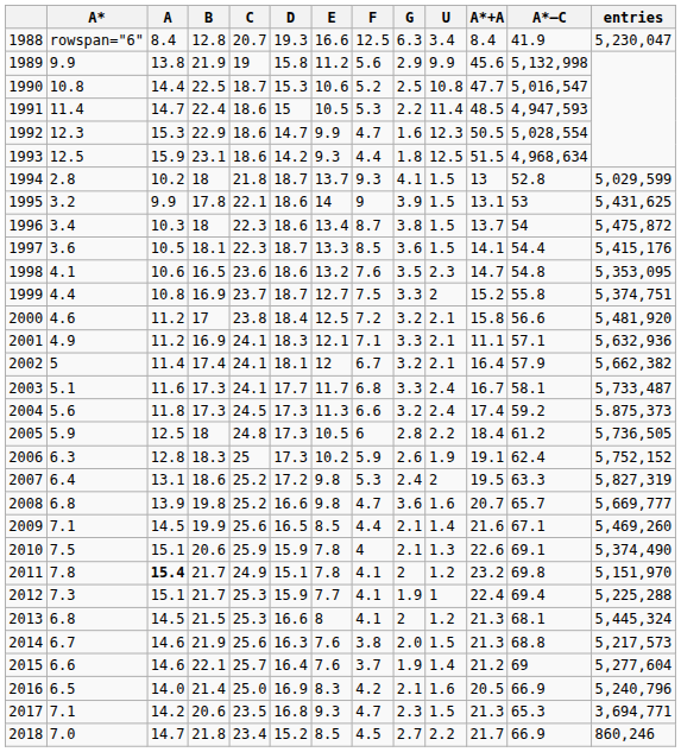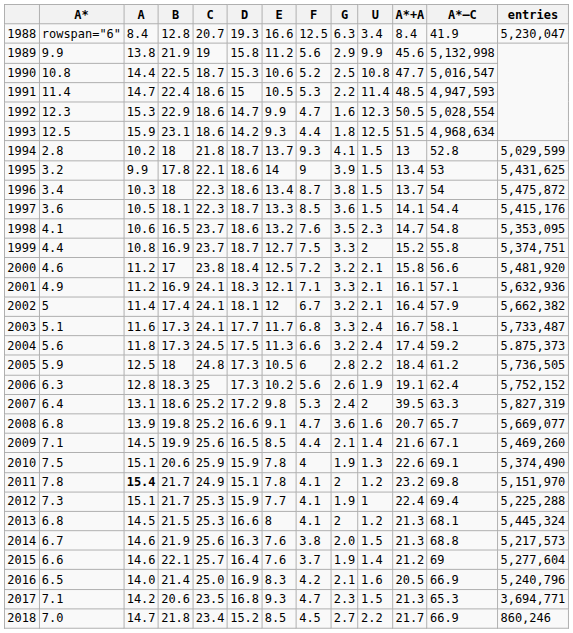 <table class="wikitable">
 <tr>
 <th></th>
 <th>A*</th>
 <th>A</th>
 <th>B</th>
 <th>C</th>
 <th>D</th>
 <th>E</th>
 <th>F</th>
 <th>G</th>
 <th>U</th>
 <th>A*+A</th>
 <th>A*–C</th>
 <th>entries</th>
 </tr>
 <tr>
 <td>1988</td>
 <td>rowspan="6" </td>
 <td>8.4</td>
 <td>12.8</td>
 <td>20.7</td>
 <td>19.3</td>
 <td>16.6</td>
 <td>12.5</td>
 <td>6.3</td>
 <td>3.4</td>
 <td>8.4</td>
 <td>41.9</td>
 <td>5,230,047</td>
 </tr>
 <tr>
 <td>1989</td>
 <td>9.9</td>
 <td>13.8</td>
 <td>21.9</td>
 <td>19</td>
 <td>15.8</td>
 <td>11.2</td>
 <td>5.6</td>
 <td>2.9</td>
 <td>9.9</td>
 <td>45.6</td>
 <td>5,132,998</td>
 </tr>
 <tr>
 <td>1990</td>
 <td>10.8</td>
 <td>14.4</td>
 <td>22.5</td>
 <td>18.7</td>
 <td>15.3</td>
 <td>10.6</td>
 <td>5.2</td>
 <td>2.5</td>
 <td>10.8</td>
 <td>47.7</td>
 <td>5,016,547</td>
 </tr>
 <tr>
 <td>1991</td>
 <td>11.4</td>
 <td>14.7</td>
 <td>22.4</td>
 <td>18.6</td>
 <td>15</td>
 <td>10.5</td>
 <td>5.3</td>
 <td>2.2</td>
 <td>11.4</td>
 <td>48.5</td>
 <td>4,947,593</td>
 </tr>
 <tr>
 <td>1992</td>
 <td>12.3</td>
 <td>15.3</td>
 <td>22.9</td>
 <td>18.6</td>
 <td>14.7</td>
 <td>9.9</td>
 <td>4.7</td>
 <td>1.6</td>
 <td>12.3</td>
 <td>50.5</td>
 <td>5,028,554</td>
 </tr>
 <tr>
 <td>1993</td>
 <td>12.5</td>
 <td>15.9</td>
 <td>23.1</td>
 <td>18.6</td>
 <td>14.2</td>
 <td>9.3</td>
 <td>4.4</td>
 <td>1.8</td>
 <td>12.5</td>
 <td>51.5</td>
 <td>4,968,634</td>
 </tr>
 <tr>
 <td>1994</td>
 <td>2.8</td>
 <td>10.2</td>
 <td>18</td>
 <td>21.8</td>
 <td>18.7</td>
 <td>13.7</td>
 <td>9.3</td>
 <td>4.1</td>
 <td>1.5</td>
 <td>13</td>
 <td>52.8</td>
 <td>5,029,599</td>
 </tr>
 <tr>
 <td>1995</td>
 <td>3.2</td>
 <td>9.9</td>
 <td>17.8</td>
 <td>22.1</td>
 <td>18.6</td>
 <td>14</td>
 <td>9</td>
 <td>3.9</td>
 <td>1.5</td>
-<td>13.1</td>
+<td>13.4</td>
 <td>53</td>
 <td>5,431,625</td>
 </tr>
 <tr>
 <td>1996</td>
 <td>3.4</td>
 <td>10.3</td>
 <td>18</td>
 <td>22.3</td>
 <td>18.6</td>
 <td>13.4</td>
 <td>8.7</td>
 <td>3.8</td>
 <td>1.5</td>
 <td>13.7</td>
 <td>54</td>
 <td>5,475,872</td>
 </tr>
 <tr>
 <td>1997</td>
 <td>3.6</td>
 <td>10.5</td>
 <td>18.1</td>
 <td>22.3</td>
 <td>18.7</td>
 <td>13.3</td>
 <td>8.5</td>
 <td>3.6</td>
 <td>1.5</td>
 <td>14.1</td>
 <td>54.4</td>
 <td>5,415,176</td>
 </tr>
 <tr>
 <td>1998</td>
 <td>4.1</td>
 <td>10.6</td>
 <td>16.5</td>
-<td>23.6</td>
+<td>23.7</td>
 <td>18.6</td>
 <td>13.2</td>
 <td>7.6</td>
 <td>3.5</td>
 <td>2.3</td>
 <td>14.7</td>
 <td>54.8</td>
 <td>5,353,095</td>
 </tr>
 <tr>
 <td>1999</td>
 <td>4.4</td>
 <td>10.8</td>
 <td>16.9</td>
 <td>23.7</td>
 <td>18.7</td>
 <td>12.7</td>
 <td>7.5</td>
 <td>3.3</td>
 <td>2</td>
 <td>15.2</td>
 <td>55.8</td>
 <td>5,374,751</td>
 </tr>
 <tr>
 <td>2000</td>
 <td>4.6</td>
 <td>11.2</td>
 <td>17</td>
 <td>23.8</td>
 <td>18.4</td>
 <td>12.5</td>
 <td>7.2</td>
 <td>3.2</td>
 <td>2.1</td>
 <td>15.8</td>
 <td>56.6</td>
 <td>5,481,920</td>
 </tr>
 <tr>
 <td>2001</td>
 <td>4.9</td>
 <td>11.2</td>
 <td>16.9</td>
 <td>24.1</td>
 <td>18.3</td>
 <td>12.1</td>
 <td>7.1</td>
 <td>3.3</td>
 <td>2.1</td>
-<td>11.1</td>
+<td>16.1</td>
 <td>57.1</td>
 <td>5,632,936</td>
 </tr>
 <tr>
 <td>2002</td>
 <td>5</td>
 <td>11.4</td>
 <td>17.4</td>
 <td>24.1</td>
 <td>18.1</td>
 <td>12</td>
 <td>6.7</td>
 <td>3.2</td>
 <td>2.1</td>
 <td>16.4</td>
 <td>57.9</td>
 <td>5,662,382</td>
 </tr>
 <tr>
 <td>2003</td>
 <td>5.1</td>
 <td>11.6</td>
 <td>17.3</td>
 <td>24.1</td>
 <td>17.7</td>
 <td>11.7</td>
 <td>6.8</td>
 <td>3.3</td>
 <td>2.4</td>
 <td>16.7</td>
 <td>58.1</td>
 <td>5,733,487</td>
 </tr>
 <tr>
 <td>2004</td>
 <td>5.6</td>
 <td>11.8</td>
 <td>17.3</td>
 <td>24.5</td>
-<td>17.3</td>
+<td>17.5</td>
 <td>11.3</td>
 <td>6.6</td>
 <td>3.2</td>
 <td>2.4</td>
 <td>17.4</td>
 <td>59.2</td>
 <td>5.875,373</td>
 </tr>
 <tr>
 <td>2005</td>
 <td>5.9</td>
 <td>12.5</td>
 <td>18</td>
 <td>24.8</td>
 <td>17.3</td>
 <td>10.5</td>
 <td>6</td>
 <td>2.8</td>
 <td>2.2</td>
 <td>18.4</td>
 <td>61.2</td>
 <td>5,736,505</td>
 </tr>
 <tr>
 <td>2006</td>
 <td>6.3</td>
 <td>12.8</td>
 <td>18.3</td>
 <td>25</td>
 <td>17.3</td>
 <td>10.2</td>
-<td>5.9</td>
+<td>5.6</td>
 <td>2.6</td>
 <td>1.9</td>
 <td>19.1</td>
 <td>62.4</td>
 <td>5,752,152</td>
 </tr>
 <tr>
 <td>2007</td>
 <td>6.4</td>
 <td>13.1</td>
 <td>18.6</td>
 <td>25.2</td>
 <td>17.2</td>
 <td>9.8</td>
 <td>5.3</td>
 <td>2.4</td>
 <td>2</td>
-<td>19.5</td>
+<td>39.5</td>
 <td>63.3</td>
 <td>5,827,319</td>
 </tr>
 <tr>
 <td>2008</td>
 <td>6.8</td>
 <td>13.9</td>
 <td>19.8</td>
 <td>25.2</td>
 <td>16.6</td>
-<td>9.8</td>
+<td>9.1</td>
 <td>4.7</td>
 <td>3.6</td>
 <td>1.6</td>
 <td>20.7</td>
 <td>65.7</td>
-<td>5,669,777</td>
+<td>5,669,077</td>
 </tr>
 <tr>
 <td>2009</td>
 <td>7.1</td>
 <td>14.5</td>
 <td>19.9</td>
 <td>25.6</td>
 <td>16.5</td>
 <td>8.5</td>
 <td>4.4</td>
 <td>2.1</td>
 <td>1.4</td>
 <td>21.6</td>
 <td>67.1</td>
 <td>5,469,260</td>
 </tr>
 <tr>
 <td>2010</td>
 <td>7.5</td>
 <td>15.1</td>
 <td>20.6</td>
 <td>25.9</td>
 <td>15.9</td>
 <td>7.8</td>
 <td>4</td>
-<td>2.1</td>
+<td>1.9</td>
 <td>1.3</td>
 <td>22.6</td>
 <td>69.1</td>
 <td>5,374,490</td>
 </tr>
 <tr>
 <td>2011</td>
 <td>7.8</td>
 <td><strong>15.4</strong></td>
 <td>21.7</td>
 <td>24.9</td>
 <td>15.1</td>
 <td>7.8</td>
 <td>4.1</td>
 <td>2</td>
 <td>1.2</td>
 <td>23.2</td>
 <td>69.8</td>
 <td>5,151,970</td>
 </tr>
 <tr>
 <td>2012</td>
 <td>7.3</td>
 <td>15.1</td>
 <td>21.7</td>
 <td>25.3</td>
 <td>15.9</td>
 <td>7.7</td>
 <td>4.1</td>
 <td>1.9</td>
 <td>1</td>
 <td>22.4</td>
 <td>69.4</td>
 <td>5,225,288</td>
 </tr>
 <tr>
 <td>2013</td>
 <td>6.8</td>
 <td>14.5</td>
 <td>21.5</td>
 <td>25.3</td>
 <td>16.6</td>
 <td>8</td>
 <td>4.1</td>
 <td>2</td>
 <td>1.2</td>
 <td>21.3</td>
 <td>68.1</td>
 <td>5,445,324</td>
 </tr>
 <tr>
 <td>2014</td>
 <td>6.7</td>
 <td>14.6</td>
 <td>21.9</td>
 <td>25.6</td>
 <td>16.3</td>
 <td>7.6</td>
 <td>3.8</td>
 <td>2.0</td>
 <td>1.5</td>
 <td>21.3</td>
 <td>68.8</td>
 <td>5,217,573</td>
 </tr>
 <tr>
 <td>2015</td>
 <td>6.6</td>
 <td>14.6</td>
 <td>22.1</td>
 <td>25.7</td>
 <td>16.4</td>
 <td>7.6</td>
 <td>3.7</td>
 <td>1.9</td>
 <td>1.4</td>
 <td>21.2</td>
 <td>69</td>
 <td>5,277,604</td>
 </tr>
 <tr>
 <td>2016</td>
 <td>6.5</td>
 <td>14.0</td>
 <td>21.4</td>
 <td>25.0</td>
 <td>16.9</td>
 <td>8.3</td>
 <td>4.2</td>
 <td>2.1</td>
 <td>1.6</td>
 <td>20.5</td>
 <td>66.9</td>
 <td>5,240,796</td>
 </tr>
 <tr>
 <td>2017</td>
 <td>7.1</td>
 <td>14.2</td>
 <td>20.6</td>
 <td>23.5</td>
 <td>16.8</td>
 <td>9.3</td>
 <td>4.7</td>
 <td>2.3</td>
 <td>1.5</td>
 <td>21.3</td>
 <td>65.3</td>
 <td>3,694,771</td>
 </tr>
 <tr>
 <td>2018</td>
 <td>7.0</td>
 <td>14.7</td>
 <td>21.8</td>
 <td>23.4</td>
 <td>15.2</td>
 <td>8.5</td>
 <td>4.5</td>
 <td>2.7</td>
 <td>2.2</td>
 <td>21.7</td>
 <td>66.9</td>
 <td>860,246</td>
 </tr>
 </table>
